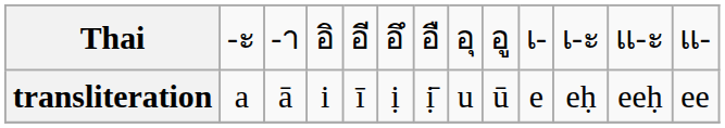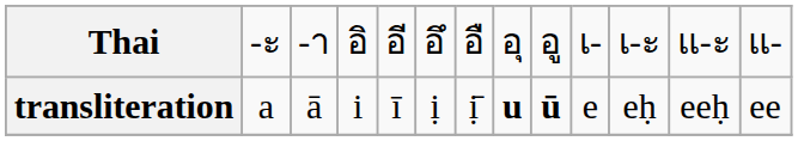 <table class="wikitable" style="text-align: center">
 <tr>
 <th>Thai</th>
 <td>-ะ</td>
 <td>-า</td>
 <td>อิ</td>
 <td>อี</td>
 <td>อึ</td>
 <td>อื</td>
 <td>อุ</td>
 <td>อู</td>
 <td>เ-</td>
 <td>เ-ะ</td>
 <td>แ-ะ</td>
 <td>แ-</td>
 </tr>
 <tr>
 <th>transliteration</th>
 <td>a</td>
 <td>ā</td>
 <td>i</td>
 <td>ī</td>
 <td>ị</td>
 <td>ị̄</td>
-<td>u</td>
-<td>ū</td>
+<td><strong>u</strong></td>
+<td><strong>ū</strong></td>
 <td>e</td>
 <td>eḥ</td>
 <td>eeḥ</td>
 <td>ee</td>
 </tr>
 <tr>
 </tr>
 </table>
